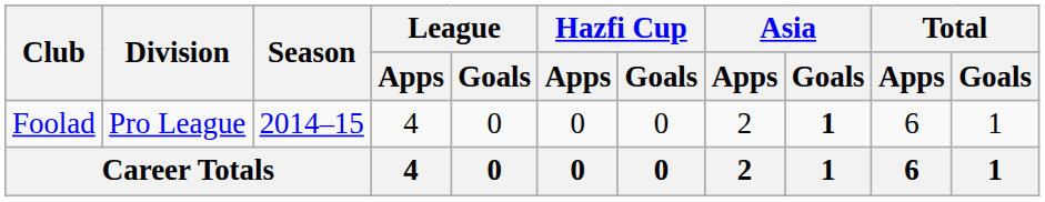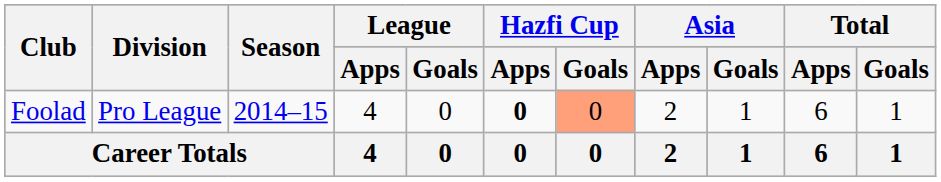 <table class="wikitable" style="text-align: center;">
 <tr>
 <th rowspan="2">Club</th>
 <th rowspan="2">Division</th>
 <th rowspan="2">Season</th>
 <th colspan="2">League</th>
 <th colspan="2"><a href='#'>Hazfi Cup</a></th>
 <th colspan="2"><a href='#'>Asia</a></th>
 <th colspan="2">Total</th>
 </tr>
 <tr>
 <th>Apps</th>
 <th>Goals</th>
 <th>Apps</th>
 <th>Goals</th>
 <th>Apps</th>
 <th>Goals</th>
 <th>Apps</th>
 <th>Goals</th>
 </tr>
 <tr>
 <td><a href='#'>Foolad</a></td>
 <td><a href='#'>Pro League</a></td>
 <td><a href='#'>2014–15</a></td>
 <td>4</td>
 <td>0</td>
-<td>0</td>
-<td>0</td>
+<td><strong>0</strong></td>
+<td style="background: lightsalmon;">0</td>
 <td>2</td>
-<td><strong>1</strong></td>
+<td>1</td>
 <td>6</td>
 <td>1</td>
 </tr>
 <tr>
 <th colspan=3>Career Totals</th>
 <th>4</th>
 <th>0</th>
 <th>0</th>
 <th>0</th>
 <th>2</th>
 <th>1</th>
 <th>6</th>
 <th>1</th>
 </tr>
 </table>
